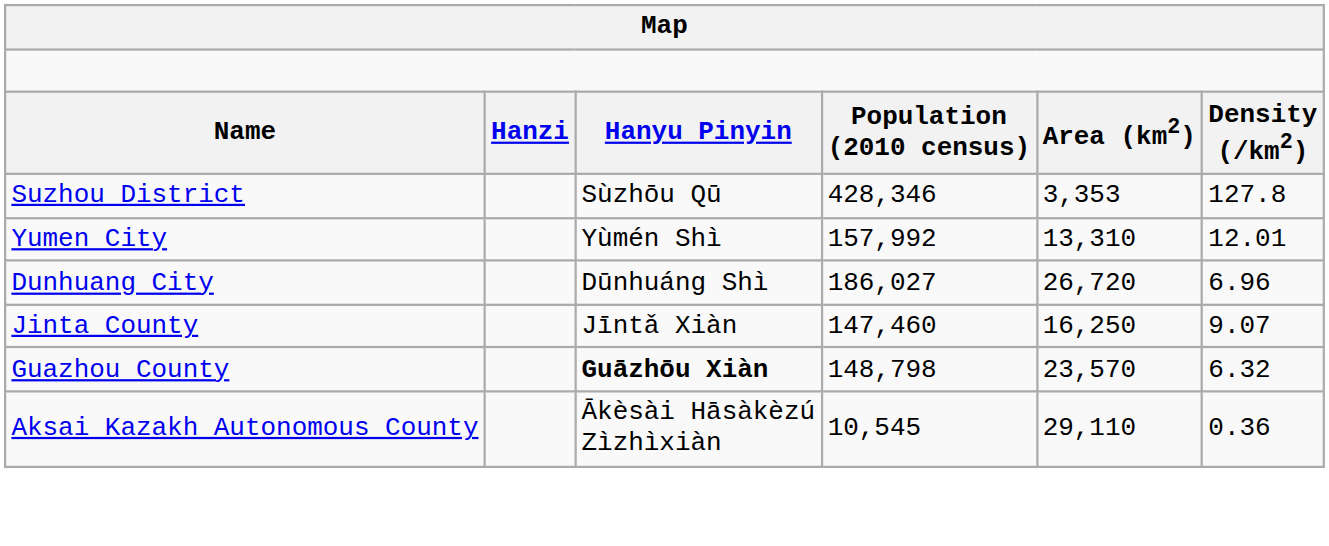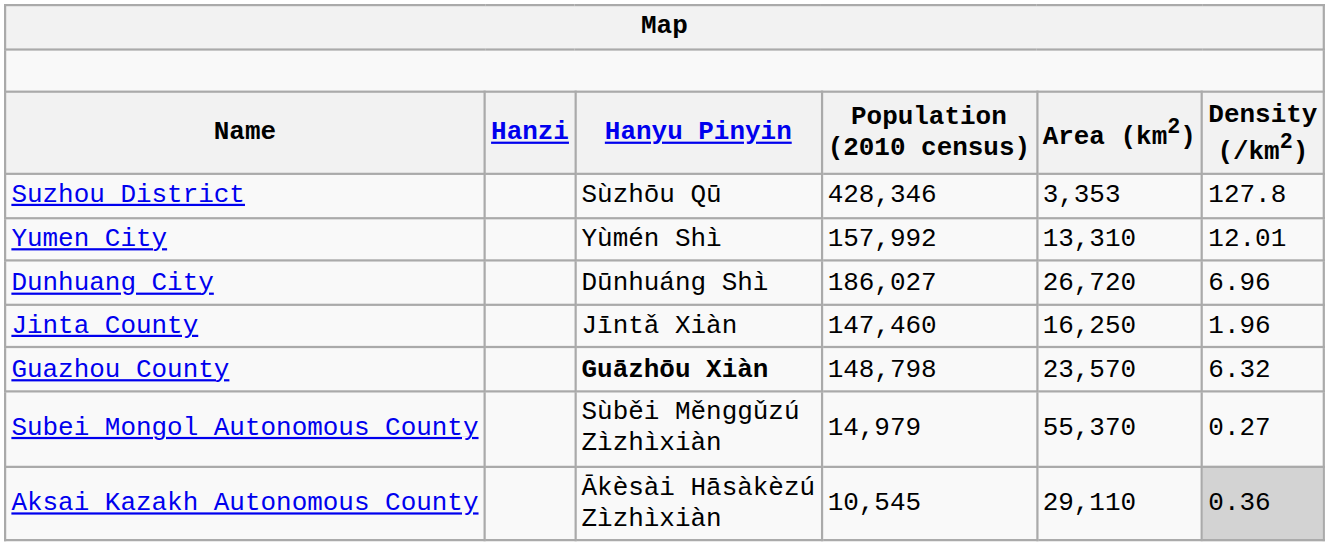 <table class="wikitable" style="font-size:90%;">
 <tr>
 <th colspan="6">Map</th>
 </tr>
 <tr>
 <td colspan="6"><div><br>           </div></td>
 </tr>
 <tr>
 <th>Name</th>
 <th><a href='#'>Hanzi</a></th>
 <th><a href='#'>Hanyu Pinyin</a></th>
 <th>Population<br>(2010 census)</th>
 <th>Area (km<sup>2</sup>)</th>
 <th>Density<br>(/km<sup>2</sup>)</th>
 </tr>
 <tr --------->
 <td><a href='#'>Suzhou District</a></td>
 <td></td>
 <td>Sùzhōu Qū</td>
 <td>428,346</td>
 <td>3,353</td>
 <td>127.8</td>
 </tr>
 <tr --------->
 <td><a href='#'>Yumen City</a></td>
 <td></td>
 <td>Yùmén Shì</td>
 <td>157,992</td>
 <td>13,310</td>
 <td>12.01</td>
 </tr>
 <tr --------->
 <td><a href='#'>Dunhuang City</a></td>
 <td></td>
 <td>Dūnhuáng Shì</td>
 <td>186,027</td>
 <td>26,720</td>
 <td>6.96</td>
 </tr>
 <tr --------->
 <td><a href='#'>Jinta County</a></td>
 <td></td>
 <td>Jīntǎ Xiàn</td>
 <td>147,460</td>
 <td>16,250</td>
-<td>9.07</td>
+<td>1.96</td>
 </tr>
 <tr --------->
 <td><a href='#'>Guazhou County</a></td>
 <td></td>
 <td><strong>Guāzhōu Xiàn</strong></td>
 <td>148,798</td>
 <td>23,570</td>
 <td>6.32</td>
 </tr>
 <tr --------->
+<td><a href='#'>Subei Mongol Autonomous County</a></td>
+<td></td>
+<td>Sùběi Měnggǔzú<br>Zìzhìxiàn</td>
+<td>14,979</td>
+<td>55,370</td>
+<td>0.27</td>
+</tr>
+<tr --------->
 <td><a href='#'>Aksai Kazakh Autonomous County</a></td>
 <td></td>
 <td>Ākèsài Hāsàkèzú<br>Zìzhìxiàn</td>
 <td>10,545</td>
 <td>29,110</td>
-<td>0.36</td>
+<td style="background: lightgrey;">0.36</td>
 </tr>
 </table>
